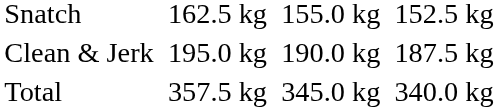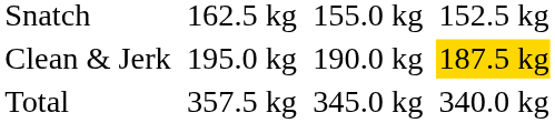 <table>
 <tr>
 <td>Snatch</td>
 <td></td>
 <td>162.5 kg</td>
 <td></td>
 <td>155.0 kg</td>
 <td></td>
 <td>152.5 kg</td>
 </tr>
 <tr>
 <td>Clean & Jerk</td>
 <td></td>
 <td>195.0 kg</td>
 <td></td>
 <td>190.0 kg</td>
 <td></td>
-<td>187.5 kg</td>
+<td style="background: gold;">187.5 kg</td>
 </tr>
 <tr>
 <td>Total</td>
 <td></td>
 <td>357.5 kg</td>
 <td></td>
 <td>345.0 kg</td>
 <td></td>
 <td>340.0 kg</td>
 </tr>
 </table>
